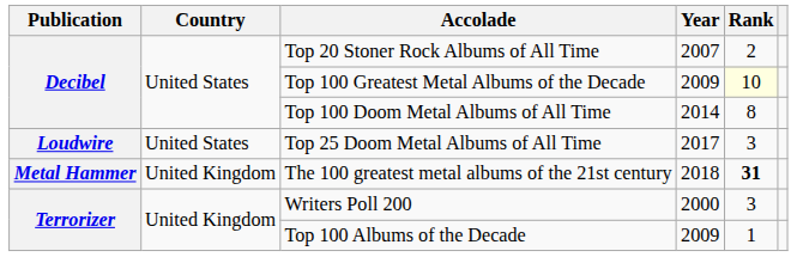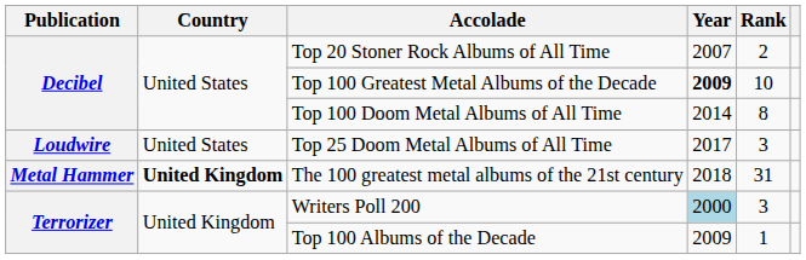 <table class="wikitable sortable plainrowheaders" style="margin-left: auto; margin-right: auto; border: none;">
 <tr>
 <th scope="col">Publication</th>
 <th>Country</th>
 <th scope="col" class="unsortable">Accolade</th>
 <th>Year</th>
 <th scope="col" data-sort-type="number">Rank</th>
 <th scope="col" class="unsortable"></th>
 </tr>
 <tr>
 <th rowspan="3" scope="row"><em><a href='#'>Decibel</a></em></th>
 <td rowspan="3">United States</td>
 <td>Top 20 Stoner Rock Albums of All Time</td>
 <td>2007</td>
 <td style="text-align:center;">2</td>
 <td></td>
 </tr>
 <tr>
 <td>Top 100 Greatest Metal Albums of the Decade</td>
-<td>2009</td>
-<td style="background: lightyellow; text-align:center;">10</td>
+<td><strong>2009</strong></td>
+<td style="text-align:center;">10</td>
 <td></td>
 </tr>
 <tr>
 <td>Top 100 Doom Metal Albums of All Time</td>
 <td>2014</td>
 <td style="text-align:center;">8</td>
 <td></td>
 </tr>
 <tr>
 <th scope="row"><em><a href='#'>Loudwire</a></em></th>
 <td>United States</td>
 <td>Top 25 Doom Metal Albums of All Time</td>
 <td>2017</td>
 <td style="text-align:center;">3</td>
 <td></td>
 </tr>
 <tr>
 <th scope="row"><em><a href='#'>Metal Hammer</a></em></th>
-<td>United Kingdom</td>
+<td><strong>United Kingdom</strong></td>
 <td>The 100 greatest metal albums of the 21st century</td>
 <td>2018</td>
-<td style="text-align:center;"><strong>31</strong></td>
+<td style="text-align:center;">31</td>
 <td></td>
 </tr>
 <tr>
 <th rowspan="2" scope="row"><em><a href='#'>Terrorizer</a></em></th>
 <td rowspan="2">United Kingdom</td>
 <td>Writers Poll 200</td>
-<td>2000</td>
+<td style="background: lightblue;">2000</td>
 <td style="text-align:center;">3</td>
 <td></td>
 </tr>
 <tr>
 <td>Top 100 Albums of the Decade</td>
 <td>2009</td>
 <td style="text-align:center;">1</td>
 <td></td>
 </tr>
 </table>
